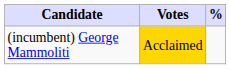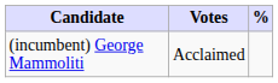 <table class="wikitable">
 <tr>
 <th style="background:#ddf; width:150px;">Candidate</th>
 <th style="background:#ddf;">Votes</th>
 <th style="background:#ddf;">%</th>
 </tr>
 <tr>
 <td>(incumbent) <a href='#'>George Mammoliti</a></td>
-<td style="background: gold;">Acclaimed</td>
+<td>Acclaimed</td>
 </tr>
 </table>
